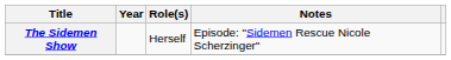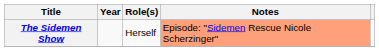 <table class="wikitable sortable plainrowheaders">
 <tr>
 <th scope="col">Title</th>
 <th scope="col">Year</th>
 <th scope="col">Role(s)</th>
 <th scope="col" class="unsortable">Notes</th>
 <th scope="col" class="unsortable"></th>
 </tr>
 <tr>
 <th scope="row"><em><a href='#'>The Sidemen Show</a></em></th>
 <td></td>
 <td>Herself</td>
-<td>Episode: "<a href='#'>Sidemen</a> Rescue Nicole Scherzinger"</td>
+<td style="background: lightsalmon;">Episode: "<a href='#'>Sidemen</a> Rescue Nicole Scherzinger"</td>
 <td></td>
 </tr>
 <tr>
 </tr>
 </table>
